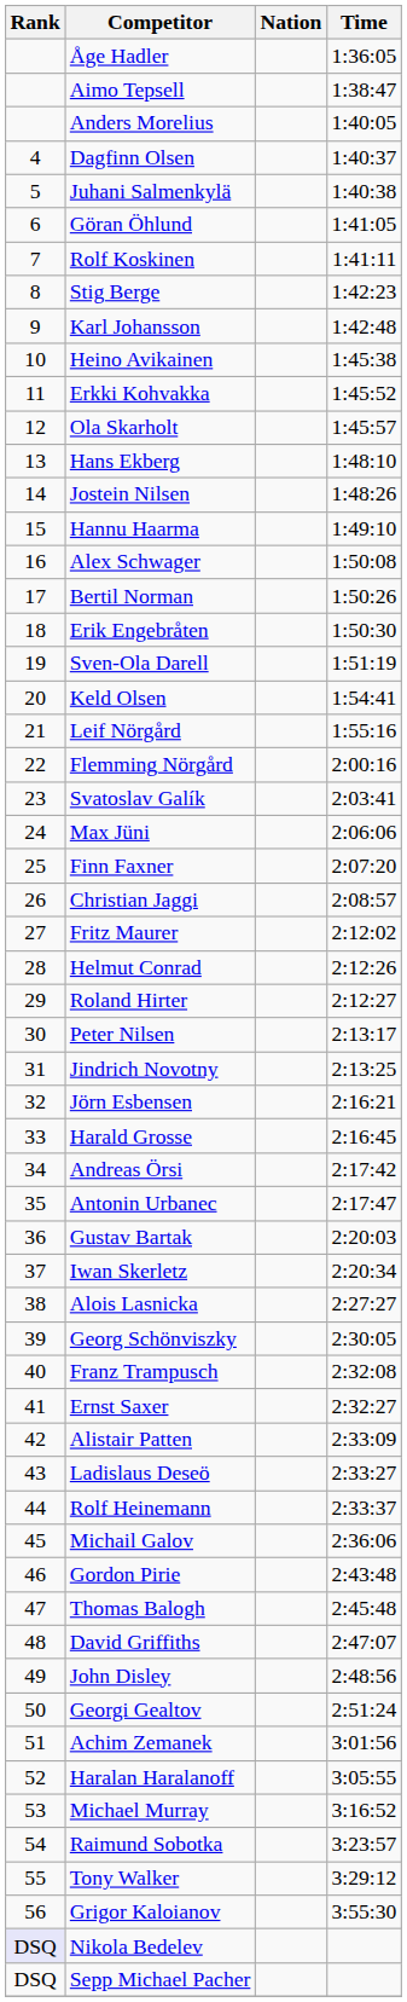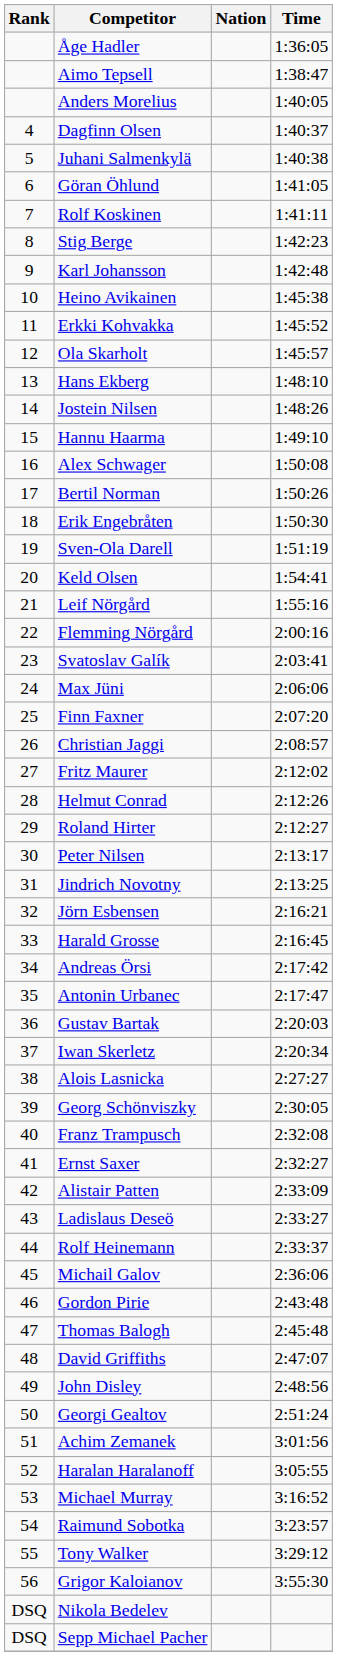 <table class="wikitable sortable" style="text-align:left">
 <tr>
 <th data-sort-type="number">Rank</th>
 <th class="unsortable">Competitor</th>
 <th>Nation</th>
 <th>Time</th>
 </tr>
 <tr>
 <td style="text-align:center"></td>
 <td><a href='#'>Åge Hadler</a></td>
 <td></td>
 <td style="text-align:right">1:36:05</td>
 </tr>
 <tr>
 <td style="text-align:center"></td>
 <td><a href='#'>Aimo Tepsell</a></td>
 <td></td>
 <td style="text-align:right">1:38:47</td>
 </tr>
 <tr>
 <td style="text-align:center"></td>
 <td><a href='#'>Anders Morelius</a></td>
 <td></td>
 <td style="text-align:right">1:40:05</td>
 </tr>
 <tr>
 <td style="text-align:center">4</td>
 <td><a href='#'>Dagfinn Olsen</a></td>
 <td></td>
 <td style="text-align:right">1:40:37</td>
 </tr>
 <tr>
 <td style="text-align:center">5</td>
 <td><a href='#'>Juhani Salmenkylä</a></td>
 <td></td>
 <td style="text-align:center">1:40:38</td>
 </tr>
 <tr>
 <td style="text-align:center">6</td>
 <td><a href='#'>Göran Öhlund</a></td>
 <td></td>
 <td style="text-align:right">1:41:05</td>
 </tr>
 <tr>
 <td style="text-align:center">7</td>
 <td><a href='#'>Rolf Koskinen</a></td>
 <td></td>
 <td style="text-align:right">1:41:11</td>
 </tr>
 <tr>
 <td style="text-align:center">8</td>
 <td><a href='#'>Stig Berge</a></td>
 <td></td>
 <td style="text-align:right">1:42:23</td>
 </tr>
 <tr>
 <td style="text-align:center">9</td>
 <td><a href='#'>Karl Johansson</a></td>
 <td></td>
 <td style="text-align:right">1:42:48</td>
 </tr>
 <tr>
 <td style="text-align:center">10</td>
 <td><a href='#'>Heino Avikainen</a></td>
 <td></td>
 <td style="text-align:right">1:45:38</td>
 </tr>
 <tr>
 <td style="text-align:center">11</td>
 <td><a href='#'>Erkki Kohvakka</a></td>
 <td></td>
 <td style="text-align:right">1:45:52</td>
 </tr>
 <tr>
 <td style="text-align:center">12</td>
 <td><a href='#'>Ola Skarholt</a></td>
 <td></td>
 <td style="text-align:right">1:45:57</td>
 </tr>
 <tr>
 <td style="text-align:center">13</td>
 <td><a href='#'>Hans Ekberg</a></td>
 <td></td>
 <td style="text-align:right">1:48:10</td>
 </tr>
 <tr>
 <td style="text-align:center">14</td>
 <td><a href='#'>Jostein Nilsen</a></td>
 <td></td>
 <td style="text-align:right">1:48:26</td>
 </tr>
 <tr>
 <td style="text-align:center">15</td>
 <td><a href='#'>Hannu Haarma</a></td>
 <td></td>
 <td style="text-align:right">1:49:10</td>
 </tr>
 <tr>
 <td style="text-align:center">16</td>
 <td><a href='#'>Alex Schwager</a></td>
 <td></td>
 <td style="text-align:right">1:50:08</td>
 </tr>
 <tr>
 <td style="text-align:center">17</td>
 <td><a href='#'>Bertil Norman</a></td>
 <td></td>
 <td style="text-align:right">1:50:26</td>
 </tr>
 <tr>
 <td style="text-align:center">18</td>
 <td><a href='#'>Erik Engebråten</a></td>
 <td></td>
 <td style="text-align:right">1:50:30</td>
 </tr>
 <tr>
 <td style="text-align:center">19</td>
 <td><a href='#'>Sven-Ola Darell</a></td>
 <td></td>
 <td style="text-align:right">1:51:19</td>
 </tr>
 <tr>
 <td style="text-align:center">20</td>
 <td><a href='#'>Keld Olsen</a></td>
 <td></td>
 <td style="text-align:right">1:54:41</td>
 </tr>
 <tr>
 <td style="text-align:center">21</td>
 <td><a href='#'>Leif Nörgård</a></td>
 <td></td>
 <td style="text-align:right">1:55:16</td>
 </tr>
 <tr>
 <td style="text-align:center">22</td>
 <td><a href='#'>Flemming Nörgård</a></td>
 <td></td>
 <td style="text-align:right">2:00:16</td>
 </tr>
 <tr>
 <td style="text-align:center">23</td>
 <td><a href='#'>Svatoslav Galík</a></td>
 <td></td>
 <td style="text-align:right">2:03:41</td>
 </tr>
 <tr>
 <td style="text-align:center">24</td>
 <td><a href='#'>Max Jüni</a></td>
 <td></td>
 <td style="text-align:right">2:06:06</td>
 </tr>
 <tr>
 <td style="text-align:center">25</td>
 <td><a href='#'>Finn Faxner</a></td>
 <td></td>
 <td style="text-align:right">2:07:20</td>
 </tr>
 <tr>
 <td style="text-align:center">26</td>
 <td><a href='#'>Christian Jaggi</a></td>
 <td></td>
 <td style="text-align:right">2:08:57</td>
 </tr>
 <tr>
 <td style="text-align:center">27</td>
 <td><a href='#'>Fritz Maurer</a></td>
 <td></td>
 <td style="text-align:right">2:12:02</td>
 </tr>
 <tr>
 <td style="text-align:center">28</td>
 <td><a href='#'>Helmut Conrad</a></td>
 <td></td>
 <td style="text-align:right">2:12:26</td>
 </tr>
 <tr>
 <td style="text-align:center">29</td>
 <td><a href='#'>Roland Hirter</a></td>
 <td></td>
 <td style="text-align:right">2:12:27</td>
 </tr>
 <tr>
 <td style="text-align:center">30</td>
 <td><a href='#'>Peter Nilsen</a></td>
 <td></td>
 <td style="text-align:right">2:13:17</td>
 </tr>
 <tr>
 <td style="text-align:center">31</td>
 <td><a href='#'>Jindrich Novotny</a></td>
 <td></td>
 <td style="text-align:right">2:13:25</td>
 </tr>
 <tr>
 <td style="text-align:center">32</td>
 <td><a href='#'>Jörn Esbensen</a></td>
 <td></td>
 <td style="text-align:right">2:16:21</td>
 </tr>
 <tr>
 <td style="text-align:center">33</td>
 <td><a href='#'>Harald Grosse</a></td>
 <td></td>
 <td style="text-align:right">2:16:45</td>
 </tr>
 <tr>
 <td style="text-align:center">34</td>
 <td><a href='#'>Andreas Örsi</a></td>
 <td></td>
 <td style="text-align:right">2:17:42</td>
 </tr>
 <tr>
 <td style="text-align:center">35</td>
 <td><a href='#'>Antonin Urbanec</a></td>
 <td></td>
 <td style="text-align:right">2:17:47</td>
 </tr>
 <tr>
 <td style="text-align:center">36</td>
 <td><a href='#'>Gustav Bartak</a></td>
 <td></td>
 <td style="text-align:right">2:20:03</td>
 </tr>
 <tr>
 <td style="text-align:center">37</td>
 <td><a href='#'>Iwan Skerletz</a></td>
 <td></td>
 <td style="text-align:right">2:20:34</td>
 </tr>
 <tr>
 <td style="text-align:center">38</td>
 <td><a href='#'>Alois Lasnicka</a></td>
 <td></td>
 <td style="text-align:right">2:27:27</td>
 </tr>
 <tr>
 <td style="text-align:center">39</td>
 <td><a href='#'>Georg Schönviszky</a></td>
 <td></td>
 <td style="text-align:right">2:30:05</td>
 </tr>
 <tr>
 <td style="text-align:center">40</td>
 <td><a href='#'>Franz Trampusch</a></td>
 <td></td>
 <td style="text-align:right">2:32:08</td>
 </tr>
 <tr>
 <td style="text-align:center">41</td>
 <td><a href='#'>Ernst Saxer</a></td>
 <td></td>
 <td style="text-align:right">2:32:27</td>
 </tr>
 <tr>
 <td style="text-align:center">42</td>
 <td><a href='#'>Alistair Patten</a></td>
 <td></td>
 <td style="text-align:right">2:33:09</td>
 </tr>
 <tr>
 <td style="text-align:center">43</td>
 <td><a href='#'>Ladislaus Deseö</a></td>
 <td></td>
 <td style="text-align:right">2:33:27</td>
 </tr>
 <tr>
 <td style="text-align:center">44</td>
 <td><a href='#'>Rolf Heinemann</a></td>
 <td></td>
 <td style="text-align:right">2:33:37</td>
 </tr>
 <tr>
 <td style="text-align:center">45</td>
 <td><a href='#'>Michail Galov</a></td>
 <td></td>
 <td style="text-align:right">2:36:06</td>
 </tr>
 <tr>
 <td style="text-align:center">46</td>
 <td><a href='#'>Gordon Pirie</a></td>
 <td></td>
 <td style="text-align:right">2:43:48</td>
 </tr>
 <tr>
 <td style="text-align:center">47</td>
 <td><a href='#'>Thomas Balogh</a></td>
 <td></td>
 <td style="text-align:right">2:45:48</td>
 </tr>
 <tr>
 <td style="text-align:center">48</td>
 <td><a href='#'>David Griffiths</a></td>
 <td></td>
 <td style="text-align:right">2:47:07</td>
 </tr>
 <tr>
 <td style="text-align:center">49</td>
 <td><a href='#'>John Disley</a></td>
 <td></td>
 <td style="text-align:right">2:48:56</td>
 </tr>
 <tr>
 <td style="text-align:center">50</td>
 <td><a href='#'>Georgi Gealtov</a></td>
 <td></td>
 <td style="text-align:right">2:51:24</td>
 </tr>
 <tr>
 <td style="text-align:center">51</td>
 <td><a href='#'>Achim Zemanek</a></td>
 <td></td>
 <td style="text-align:right">3:01:56</td>
 </tr>
 <tr>
 <td style="text-align:center">52</td>
 <td><a href='#'>Haralan Haralanoff</a></td>
 <td></td>
 <td style="text-align:right">3:05:55</td>
 </tr>
 <tr>
 <td style="text-align:center">53</td>
 <td><a href='#'>Michael Murray</a></td>
 <td></td>
 <td style="text-align:right">3:16:52</td>
 </tr>
 <tr>
 <td style="text-align:center">54</td>
 <td><a href='#'>Raimund Sobotka</a></td>
 <td></td>
 <td style="text-align:right">3:23:57</td>
 </tr>
 <tr>
 <td style="text-align:center">55</td>
 <td><a href='#'>Tony Walker</a></td>
 <td></td>
 <td style="text-align:right">3:29:12</td>
 </tr>
 <tr>
 <td style="text-align:center">56</td>
 <td><a href='#'>Grigor Kaloianov</a></td>
 <td></td>
 <td style="text-align:right">3:55:30</td>
 </tr>
 <tr>
-<td style="background: lavender; text-align:center">DSQ</td>
+<td style="text-align:center">DSQ</td>
 <td><a href='#'>Nikola Bedelev</a></td>
 <td></td>
 <td style="text-align:right"></td>
 </tr>
 <tr>
 <td style="text-align:center">DSQ</td>
 <td><a href='#'>Sepp Michael Pacher</a></td>
 <td></td>
 <td style="text-align:right"></td>
 </tr>
 <tr>
 </tr>
 </table>
